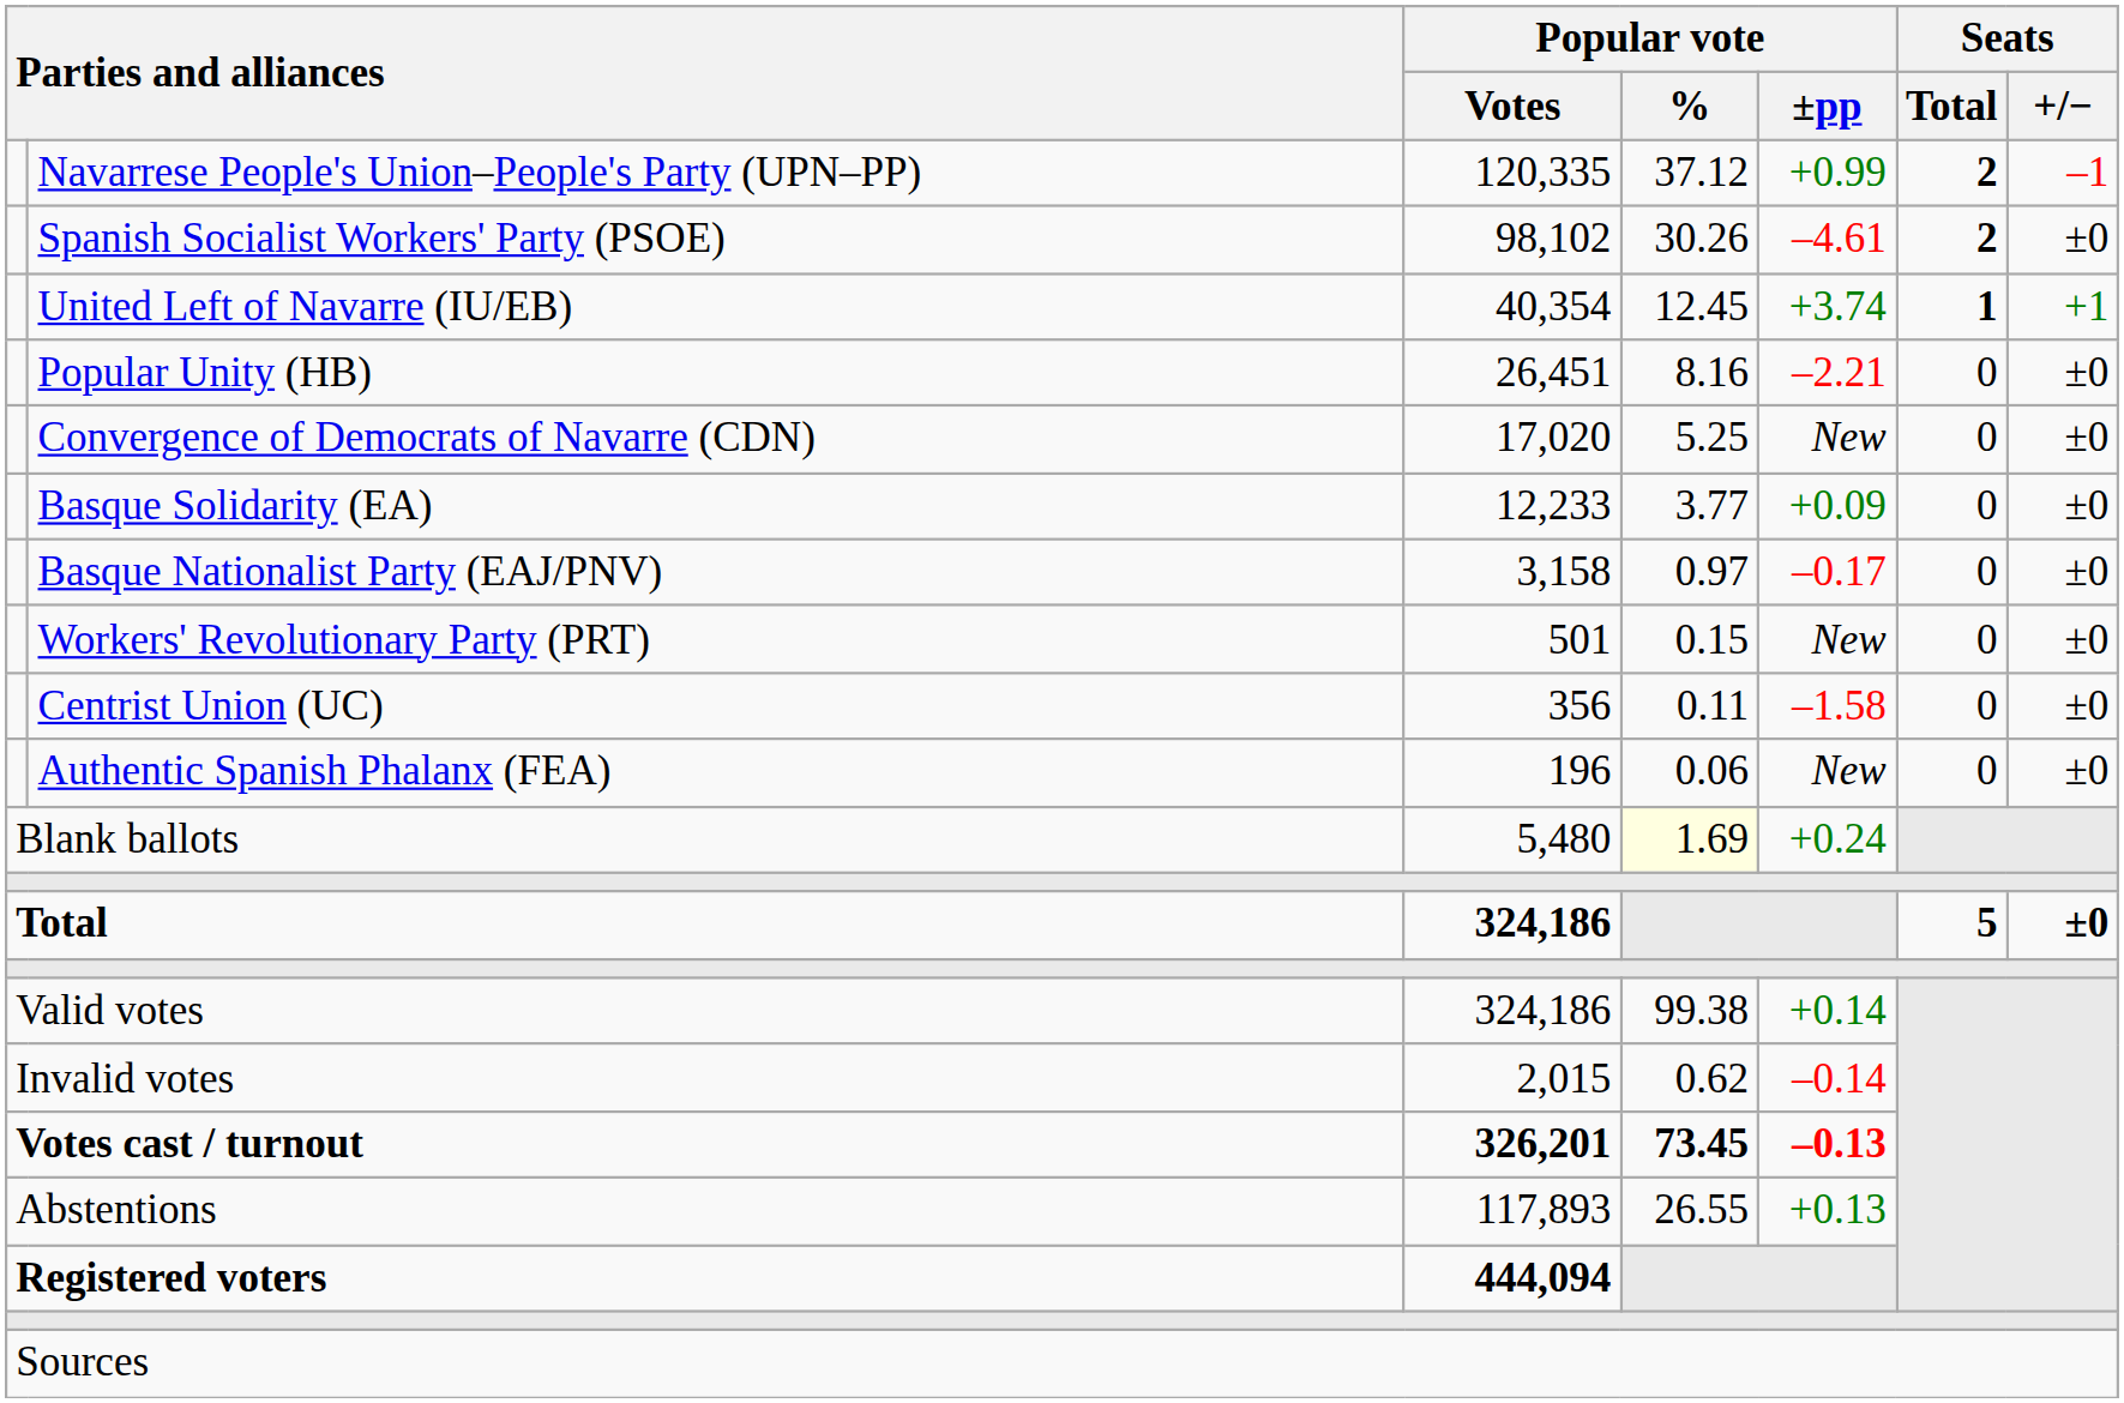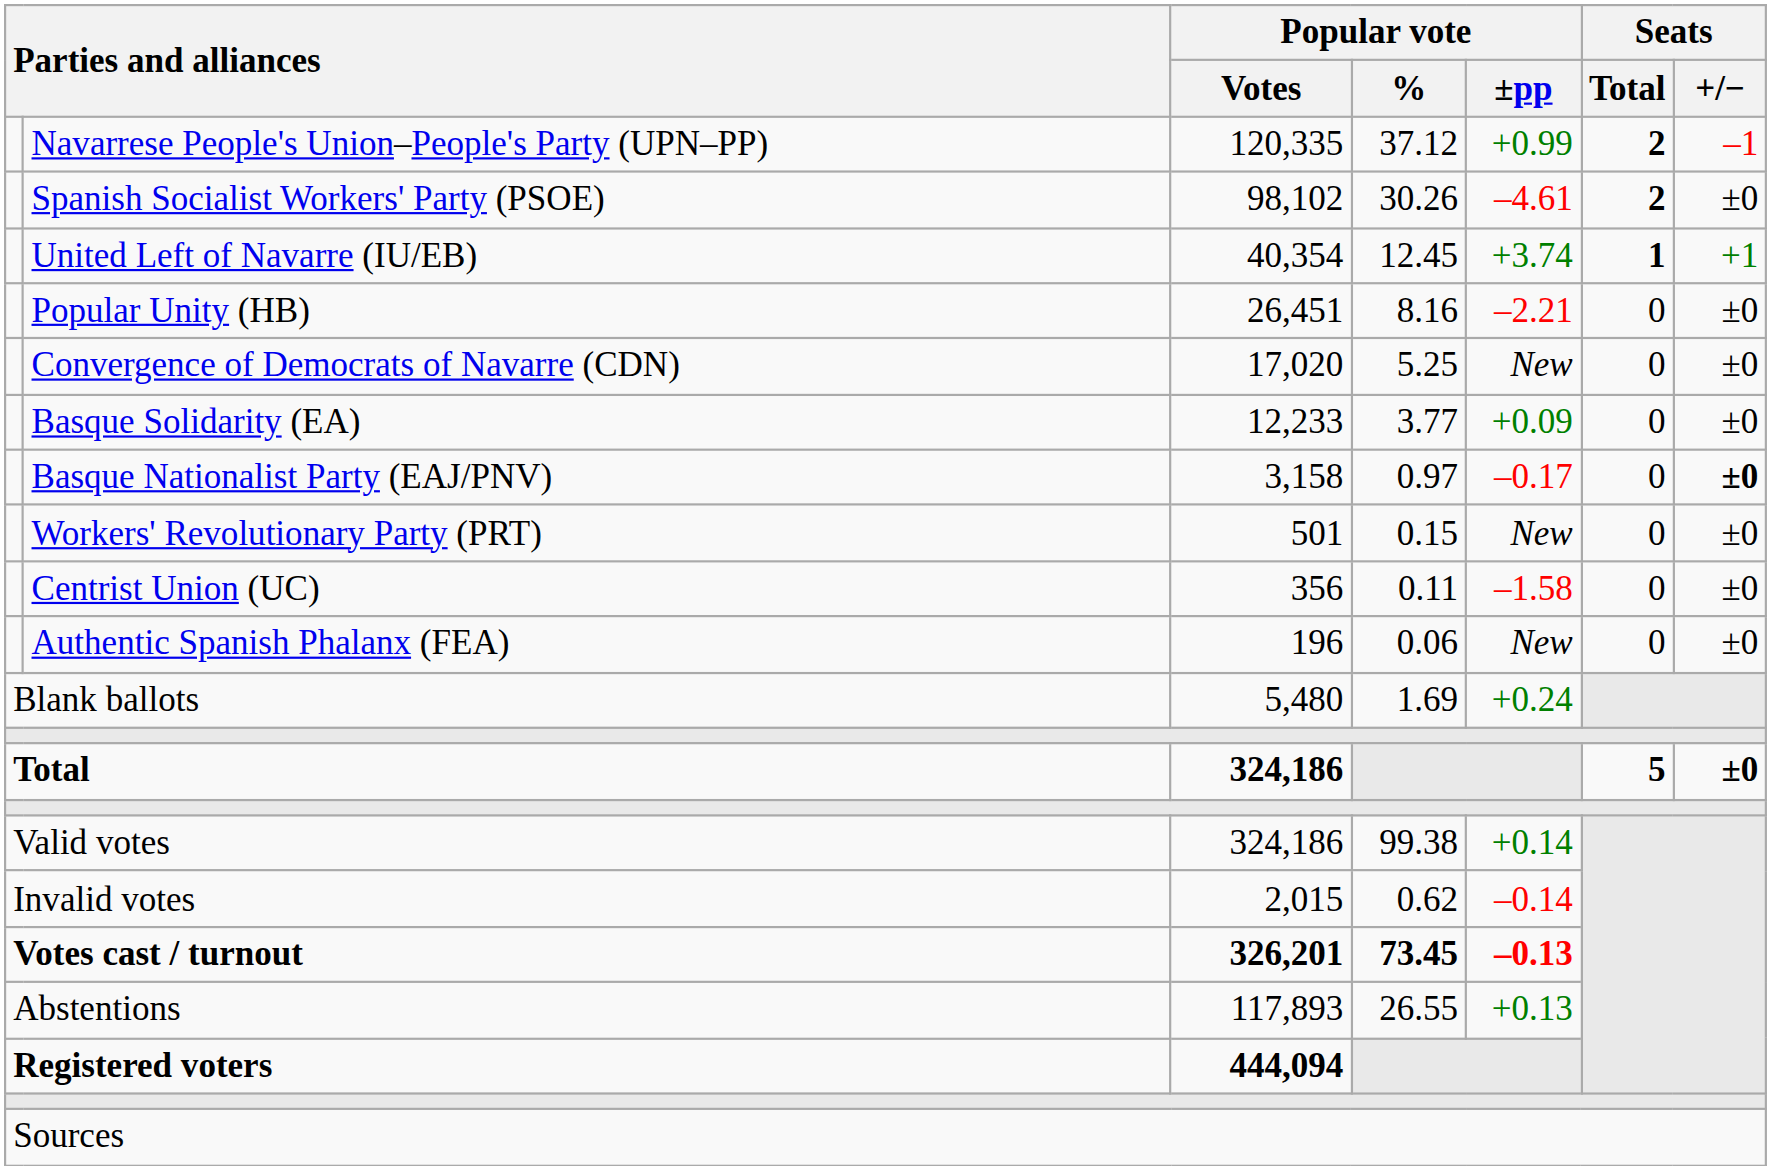 <table class="wikitable" style="text-align:right;">
 <tr>
 <th style="text-align:left;" rowspan="2" colspan="2" width="525">Parties and alliances</th>
 <th colspan="3">Popular vote</th>
 <th colspan="2">Seats</th>
 </tr>
 <tr>
 <th width="75">Votes</th>
 <th width="45">%</th>
 <th width="45">±<a href='#'>pp</a></th>
 <th width="35">Total</th>
 <th width="35">+/−</th>
 </tr>
 <tr>
 <td width="1" style="color:inherit;background:"></td>
 <td align="left"><a href='#'>Navarrese People's Union</a>–<a href='#'>People's Party</a> (UPN–PP)</td>
 <td>120,335</td>
 <td>37.12</td>
 <td style="color:green;">+0.99</td>
 <td><strong>2</strong></td>
 <td style="color:red;">–1</td>
 </tr>
 <tr>
 <td style="color:inherit;background:"></td>
 <td align="left"><a href='#'>Spanish Socialist Workers' Party</a> (PSOE)</td>
 <td>98,102</td>
 <td>30.26</td>
 <td style="color:red;">–4.61</td>
 <td><strong>2</strong></td>
 <td>±0</td>
 </tr>
 <tr>
 <td style="color:inherit;background:"></td>
 <td align="left"><a href='#'>United Left of Navarre</a> (IU/EB)</td>
 <td>40,354</td>
 <td>12.45</td>
 <td style="color:green;">+3.74</td>
 <td><strong>1</strong></td>
 <td style="color:green;">+1</td>
 </tr>
 <tr>
 <td style="color:inherit;background:"></td>
 <td align="left"><a href='#'>Popular Unity</a> (HB)</td>
 <td>26,451</td>
 <td>8.16</td>
 <td style="color:red;">–2.21</td>
 <td>0</td>
 <td>±0</td>
 </tr>
 <tr>
 <td style="color:inherit;background:"></td>
 <td align="left"><a href='#'>Convergence of Democrats of Navarre</a> (CDN)</td>
 <td>17,020</td>
 <td>5.25</td>
 <td><em>New</em></td>
 <td>0</td>
 <td>±0</td>
 </tr>
 <tr>
 <td style="color:inherit;background:"></td>
 <td align="left"><a href='#'>Basque Solidarity</a> (EA)</td>
 <td>12,233</td>
 <td>3.77</td>
 <td style="color:green;">+0.09</td>
 <td>0</td>
 <td>±0</td>
 </tr>
 <tr>
 <td style="color:inherit;background:"></td>
 <td align="left"><a href='#'>Basque Nationalist Party</a> (EAJ/PNV)</td>
 <td>3,158</td>
 <td>0.97</td>
 <td style="color:red;">–0.17</td>
 <td>0</td>
-<td>±0</td>
+<td><strong>±0</strong></td>
 </tr>
 <tr>
 <td style="color:inherit;background:"></td>
 <td align="left"><a href='#'>Workers' Revolutionary Party</a> (PRT)</td>
 <td>501</td>
 <td>0.15</td>
 <td><em>New</em></td>
 <td>0</td>
 <td>±0</td>
 </tr>
 <tr>
 <td style="color:inherit;background:"></td>
 <td align="left"><a href='#'>Centrist Union</a> (UC)</td>
 <td>356</td>
 <td>0.11</td>
 <td style="color:red;">–1.58</td>
 <td>0</td>
 <td>±0</td>
 </tr>
 <tr>
 <td style="color:inherit;background:"></td>
 <td align="left"><a href='#'>Authentic Spanish Phalanx</a> (FEA)</td>
 <td>196</td>
 <td>0.06</td>
 <td><em>New</em></td>
 <td>0</td>
 <td>±0</td>
 </tr>
 <tr>
 <td align="left" colspan="2">Blank ballots</td>
 <td>5,480</td>
-<td style="background: lightyellow;">1.69</td>
+<td>1.69</td>
 <td style="color:green;">+0.24</td>
 <td bgcolor="#E9E9E9" colspan="2"></td>
 </tr>
 <tr>
 <td colspan="7" bgcolor="#E9E9E9"></td>
 </tr>
 <tr style="font-weight:bold;">
 <td align="left" colspan="2">Total</td>
 <td>324,186</td>
 <td bgcolor="#E9E9E9" colspan="2"></td>
 <td>5</td>
 <td>±0</td>
 </tr>
 <tr>
 <td colspan="7" bgcolor="#E9E9E9"></td>
 </tr>
 <tr>
 <td align="left" colspan="2">Valid votes</td>
 <td>324,186</td>
 <td>99.38</td>
 <td style="color:green;">+0.14</td>
 <td bgcolor="#E9E9E9" colspan="2" rowspan="5"></td>
 </tr>
 <tr>
 <td align="left" colspan="2">Invalid votes</td>
 <td>2,015</td>
 <td>0.62</td>
 <td style="color:red;">–0.14</td>
 </tr>
 <tr style="font-weight:bold;">
 <td align="left" colspan="2">Votes cast / turnout</td>
 <td>326,201</td>
 <td>73.45</td>
 <td style="color:red;">–0.13</td>
 </tr>
 <tr>
 <td align="left" colspan="2">Abstentions</td>
 <td>117,893</td>
 <td>26.55</td>
 <td style="color:green;">+0.13</td>
 </tr>
 <tr style="font-weight:bold;">
 <td align="left" colspan="2">Registered voters</td>
 <td>444,094</td>
 <td bgcolor="#E9E9E9" colspan="2"></td>
 </tr>
 <tr>
 <td colspan="7" bgcolor="#E9E9E9"></td>
 </tr>
 <tr>
 <td align="left" colspan="7">Sources</td>
 </tr>
 </table>
